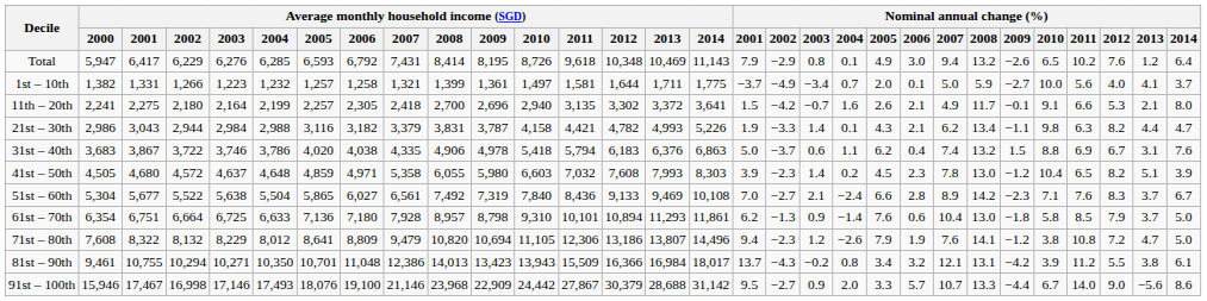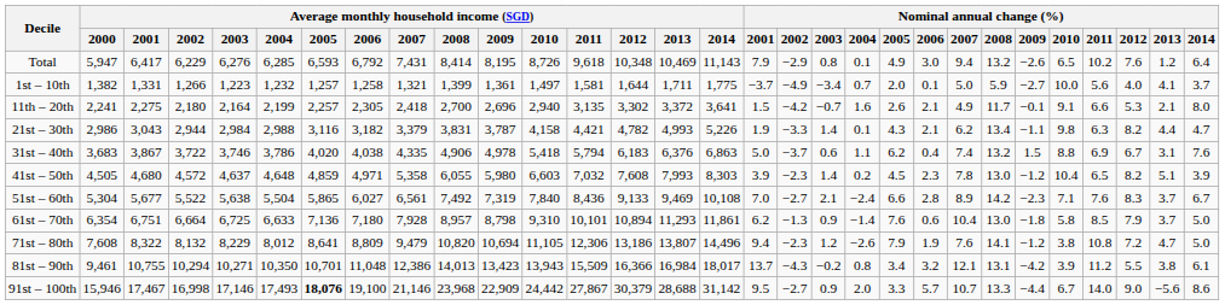 <table class="wikitable" style="text-align:center; font-size: 90%;">
 <tr>
 <th rowspan="2">Decile</th>
 <th colspan="15">Average monthly household income <small>(<a href='#'>SGD</a>)</small></th>
 <th colspan="14">Nominal annual change (%)</th>
 </tr>
 <tr>
 <th>2000</th>
 <th>2001</th>
 <th>2002</th>
 <th>2003</th>
 <th>2004</th>
 <th>2005</th>
 <th>2006</th>
 <th>2007</th>
 <th>2008</th>
 <th>2009</th>
 <th>2010</th>
 <th>2011</th>
 <th>2012</th>
 <th>2013</th>
 <th>2014</th>
 <th>2001</th>
 <th>2002</th>
 <th>2003</th>
 <th>2004</th>
 <th>2005</th>
 <th>2006</th>
 <th>2007</th>
 <th>2008</th>
 <th>2009</th>
 <th>2010</th>
 <th>2011</th>
 <th>2012</th>
 <th>2013</th>
 <th>2014</th>
 </tr>
 <tr>
 <td>Total</td>
 <td>5,947</td>
 <td>6,417</td>
 <td>6,229</td>
 <td>6,276</td>
 <td>6,285</td>
 <td>6,593</td>
 <td>6,792</td>
 <td>7,431</td>
 <td>8,414</td>
 <td>8,195</td>
 <td>8,726</td>
 <td>9,618</td>
 <td>10,348</td>
 <td>10,469</td>
 <td>11,143</td>
 <td>7.9</td>
 <td>−2.9</td>
 <td>0.8</td>
 <td>0.1</td>
 <td>4.9</td>
 <td>3.0</td>
 <td>9.4</td>
 <td>13.2</td>
 <td>−2.6</td>
 <td>6.5</td>
 <td>10.2</td>
 <td>7.6</td>
 <td>1.2</td>
 <td>6.4</td>
 </tr>
 <tr>
 <td>1st – 10th</td>
 <td>1,382</td>
 <td>1,331</td>
 <td>1,266</td>
 <td>1,223</td>
 <td>1,232</td>
 <td>1,257</td>
 <td>1,258</td>
 <td>1,321</td>
 <td>1,399</td>
 <td>1,361</td>
 <td>1,497</td>
 <td>1,581</td>
 <td>1,644</td>
 <td>1,711</td>
 <td>1,775</td>
 <td>−3.7</td>
 <td>−4.9</td>
 <td>−3.4</td>
 <td>0.7</td>
 <td>2.0</td>
 <td>0.1</td>
 <td>5.0</td>
 <td>5.9</td>
 <td>−2.7</td>
 <td>10.0</td>
 <td>5.6</td>
 <td>4.0</td>
 <td>4.1</td>
 <td>3.7</td>
 </tr>
 <tr>
 <td>11th – 20th</td>
 <td>2,241</td>
 <td>2,275</td>
 <td>2,180</td>
 <td>2,164</td>
 <td>2,199</td>
 <td>2,257</td>
 <td>2,305</td>
 <td>2,418</td>
 <td>2,700</td>
 <td>2,696</td>
 <td>2,940</td>
 <td>3,135</td>
 <td>3,302</td>
 <td>3,372</td>
 <td>3,641</td>
 <td>1.5</td>
 <td>−4.2</td>
 <td>−0.7</td>
 <td>1.6</td>
 <td>2.6</td>
 <td>2.1</td>
 <td>4.9</td>
 <td>11.7</td>
 <td>−0.1</td>
 <td>9.1</td>
 <td>6.6</td>
 <td>5.3</td>
 <td>2.1</td>
 <td>8.0</td>
 </tr>
 <tr>
 <td>21st – 30th</td>
 <td>2,986</td>
 <td>3,043</td>
 <td>2,944</td>
 <td>2,984</td>
 <td>2,988</td>
 <td>3,116</td>
 <td>3,182</td>
 <td>3,379</td>
 <td>3,831</td>
 <td>3,787</td>
 <td>4,158</td>
 <td>4,421</td>
 <td>4,782</td>
 <td>4,993</td>
 <td>5,226</td>
 <td>1.9</td>
 <td>−3.3</td>
 <td>1.4</td>
 <td>0.1</td>
 <td>4.3</td>
 <td>2.1</td>
 <td>6.2</td>
 <td>13.4</td>
 <td>−1.1</td>
 <td>9.8</td>
 <td>6.3</td>
 <td>8.2</td>
 <td>4.4</td>
 <td>4.7</td>
 </tr>
 <tr>
 <td>31st – 40th</td>
 <td>3,683</td>
 <td>3,867</td>
 <td>3,722</td>
 <td>3,746</td>
 <td>3,786</td>
 <td>4,020</td>
 <td>4,038</td>
 <td>4,335</td>
 <td>4,906</td>
 <td>4,978</td>
 <td>5,418</td>
 <td>5,794</td>
 <td>6,183</td>
 <td>6,376</td>
 <td>6,863</td>
 <td>5.0</td>
 <td>−3.7</td>
 <td>0.6</td>
 <td>1.1</td>
 <td>6.2</td>
 <td>0.4</td>
 <td>7.4</td>
 <td>13.2</td>
 <td>1.5</td>
 <td>8.8</td>
 <td>6.9</td>
 <td>6.7</td>
 <td>3.1</td>
 <td>7.6</td>
 </tr>
 <tr>
 <td>41st – 50th</td>
 <td>4,505</td>
 <td>4,680</td>
 <td>4,572</td>
 <td>4,637</td>
 <td>4,648</td>
 <td>4,859</td>
 <td>4,971</td>
 <td>5,358</td>
 <td>6,055</td>
 <td>5,980</td>
 <td>6,603</td>
 <td>7,032</td>
 <td>7,608</td>
 <td>7,993</td>
 <td>8,303</td>
 <td>3.9</td>
 <td>−2.3</td>
 <td>1.4</td>
 <td>0.2</td>
 <td>4.5</td>
 <td>2.3</td>
 <td>7.8</td>
 <td>13.0</td>
 <td>−1.2</td>
 <td>10.4</td>
 <td>6.5</td>
 <td>8.2</td>
 <td>5.1</td>
 <td>3.9</td>
 </tr>
 <tr>
 <td>51st – 60th</td>
 <td>5,304</td>
 <td>5,677</td>
 <td>5,522</td>
 <td>5,638</td>
 <td>5,504</td>
 <td>5,865</td>
 <td>6,027</td>
 <td>6,561</td>
 <td>7,492</td>
 <td>7,319</td>
 <td>7,840</td>
 <td>8,436</td>
 <td>9,133</td>
 <td>9,469</td>
 <td>10,108</td>
 <td>7.0</td>
 <td>−2.7</td>
 <td>2.1</td>
 <td>−2.4</td>
 <td>6.6</td>
 <td>2.8</td>
 <td>8.9</td>
 <td>14.2</td>
 <td>−2.3</td>
 <td>7.1</td>
 <td>7.6</td>
 <td>8.3</td>
 <td>3.7</td>
 <td>6.7</td>
 </tr>
 <tr>
 <td>61st – 70th</td>
 <td>6,354</td>
 <td>6,751</td>
 <td>6,664</td>
 <td>6,725</td>
 <td>6,633</td>
 <td>7,136</td>
 <td>7,180</td>
 <td>7,928</td>
 <td>8,957</td>
 <td>8,798</td>
 <td>9,310</td>
 <td>10,101</td>
 <td>10,894</td>
 <td>11,293</td>
 <td>11,861</td>
 <td>6.2</td>
 <td>−1.3</td>
 <td>0.9</td>
 <td>−1.4</td>
 <td>7.6</td>
 <td>0.6</td>
 <td>10.4</td>
 <td>13.0</td>
 <td>−1.8</td>
 <td>5.8</td>
 <td>8.5</td>
 <td>7.9</td>
 <td>3.7</td>
 <td>5.0</td>
 </tr>
 <tr>
 <td>71st – 80th</td>
 <td>7,608</td>
 <td>8,322</td>
 <td>8,132</td>
 <td>8,229</td>
 <td>8,012</td>
 <td>8,641</td>
 <td>8,809</td>
 <td>9,479</td>
 <td>10,820</td>
 <td>10,694</td>
 <td>11,105</td>
 <td>12,306</td>
 <td>13,186</td>
 <td>13,807</td>
 <td>14,496</td>
 <td>9.4</td>
 <td>−2.3</td>
 <td>1.2</td>
 <td>−2.6</td>
 <td>7.9</td>
 <td>1.9</td>
 <td>7.6</td>
 <td>14.1</td>
 <td>−1.2</td>
 <td>3.8</td>
 <td>10.8</td>
 <td>7.2</td>
 <td>4.7</td>
 <td>5.0</td>
 </tr>
 <tr>
 <td>81st – 90th</td>
 <td>9,461</td>
 <td>10,755</td>
 <td>10,294</td>
 <td>10,271</td>
 <td>10,350</td>
 <td>10,701</td>
 <td>11,048</td>
 <td>12,386</td>
 <td>14,013</td>
 <td>13,423</td>
 <td>13,943</td>
 <td>15,509</td>
 <td>16,366</td>
 <td>16,984</td>
 <td>18,017</td>
 <td>13.7</td>
 <td>−4.3</td>
 <td>−0.2</td>
 <td>0.8</td>
 <td>3.4</td>
 <td>3.2</td>
 <td>12.1</td>
 <td>13.1</td>
 <td>−4.2</td>
 <td>3.9</td>
 <td>11.2</td>
 <td>5.5</td>
 <td>3.8</td>
 <td>6.1</td>
 </tr>
 <tr>
 <td>91st – 100th</td>
 <td>15,946</td>
 <td>17,467</td>
 <td>16,998</td>
 <td>17,146</td>
 <td>17,493</td>
-<td>18,076</td>
+<td><strong>18,076</strong></td>
 <td>19,100</td>
 <td>21,146</td>
 <td>23,968</td>
 <td>22,909</td>
 <td>24,442</td>
 <td>27,867</td>
 <td>30,379</td>
 <td>28,688</td>
 <td>31,142</td>
 <td>9.5</td>
 <td>−2.7</td>
 <td>0.9</td>
 <td>2.0</td>
 <td>3.3</td>
 <td>5.7</td>
 <td>10.7</td>
 <td>13.3</td>
 <td>−4.4</td>
 <td>6.7</td>
 <td>14.0</td>
 <td>9.0</td>
 <td>−5.6</td>
 <td>8.6</td>
 </tr>
 </table>
